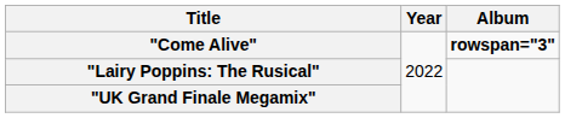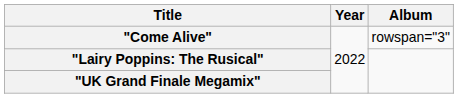 <table class="wikitable plainrowheaders" style="text-align:center;">
 <tr>
 <th style="width:23em;">Title</th>
 <th>Year</th>
 <th>Album</th>
 </tr>
 <tr>
 <th scope="row">"Come Alive" </th>
 <td rowspan="3">2022</td>
-<td><strong>rowspan="3" </strong></td>
+<td>rowspan="3" </td>
 </tr>
 <tr>
 <th scope="row">"Lairy Poppins: The Rusical"<br></th>
 </tr>
 <tr>
 <th scope="row">"UK Grand Finale Megamix"<br></th>
 </tr>
 </table>
